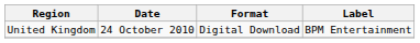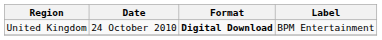 <table class=wikitable>
 <tr>
 <th>Region</th>
 <th>Date</th>
 <th>Format</th>
 <th>Label</th>
 </tr>
 <tr>
 <td>United Kingdom</td>
 <td>24 October 2010</td>
-<td>Digital Download</td>
+<td><strong>Digital Download</strong></td>
 <td>BPM Entertainment</td>
 </tr>
 <tr>
 </tr>
 </table>
